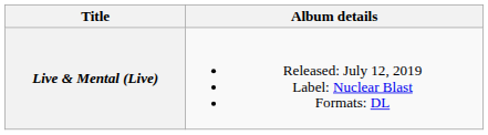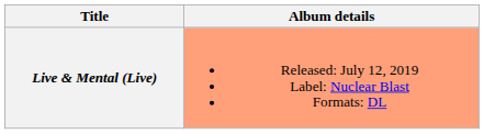 <table class="wikitable plainrowheaders" style="text-align:center;">
 <tr>
 <th scope="col" style="width:12em;">Title</th>
 <th scope="col" style="width:20em;">Album details</th>
 </tr>
 <tr>
 <th scope="row"><em>Live & Mental (Live)</em></th>
-<td><br><ul><li>Released: July 12, 2019</li><li>Label: <a href='#'>Nuclear Blast</a></li><li>Formats: <a href='#'>DL</a></li></ul></td>
+<td style="background: lightsalmon;"><br><ul><li>Released: July 12, 2019</li><li>Label: <a href='#'>Nuclear Blast</a></li><li>Formats: <a href='#'>DL</a></li></ul></td>
 </tr>
 </table>
